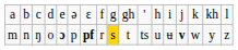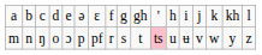 <table class="wikitable" style="text-align: center;">
 <tr>
 <td>a</td>
 <td>b</td>
 <td>c</td>
 <td>d</td>
 <td>e</td>
 <td>ə</td>
 <td>ɛ</td>
 <td>f</td>
 <td>g</td>
 <td>gh</td>
 <td>'</td>
 <td>h</td>
 <td>i</td>
 <td>j</td>
 <td>k</td>
 <td>kh</td>
 <td>l</td>
 </tr>
 <tr>
 <td>m</td>
 <td>n</td>
 <td>ŋ</td>
 <td>o</td>
-<td><strong>ɔ</strong></td>
+<td>ɔ</td>
 <td>p</td>
-<td><strong>pf</strong></td>
+<td>pf</td>
 <td>r</td>
-<td style="background: gold;">s</td>
+<td>s</td>
 <td>t</td>
-<td>ts</td>
+<td style="background: pink;">ts</td>
 <td>u</td>
 <td>ʉ</td>
-<td><strong>v</strong></td>
+<td>v</td>
 <td>w</td>
 <td>y</td>
 <td>z</td>
 </tr>
 </table>
